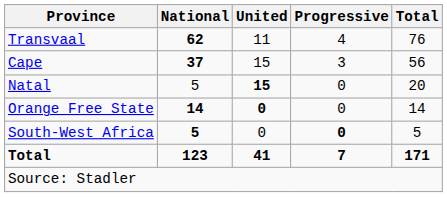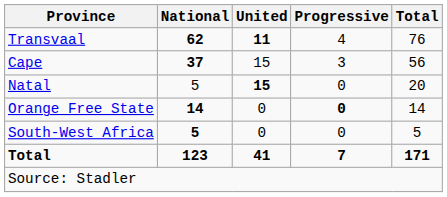 <table class=wikitable style=text-align:center>
 <tr>
 <th>Province</th>
 <th>National</th>
 <th>United</th>
 <th>Progressive</th>
 <th>Total</th>
 </tr>
 <tr>
 <td align=left><a href='#'>Transvaal</a></td>
 <td><strong>62</strong></td>
-<td>11</td>
+<td><strong>11</strong></td>
 <td>4</td>
 <td>76</td>
 </tr>
 <tr>
 <td align=left><a href='#'>Cape</a></td>
 <td><strong>37</strong></td>
 <td>15</td>
 <td>3</td>
 <td>56</td>
 </tr>
 <tr>
 <td align=left><a href='#'>Natal</a></td>
 <td>5</td>
 <td><strong>15</strong></td>
 <td>0</td>
 <td>20</td>
 </tr>
 <tr>
 <td align=left><a href='#'>Orange Free State</a></td>
 <td><strong>14</strong></td>
+<td>0</td>
 <td><strong>0</strong></td>
-<td>0</td>
 <td>14</td>
 </tr>
 <tr>
 <td align=left><a href='#'>South-West Africa</a></td>
 <td><strong>5</strong></td>
 <td>0</td>
-<td><strong>0</strong></td>
+<td>0</td>
 <td>5</td>
 </tr>
 <tr>
 <td align=left><strong>Total</strong></td>
 <td><strong>123</strong></td>
 <td><strong>41</strong></td>
 <td><strong>7</strong></td>
 <td><strong>171</strong></td>
 </tr>
 <tr>
 <td colspan=5 align=left>Source: Stadler</td>
 </tr>
 </table>
